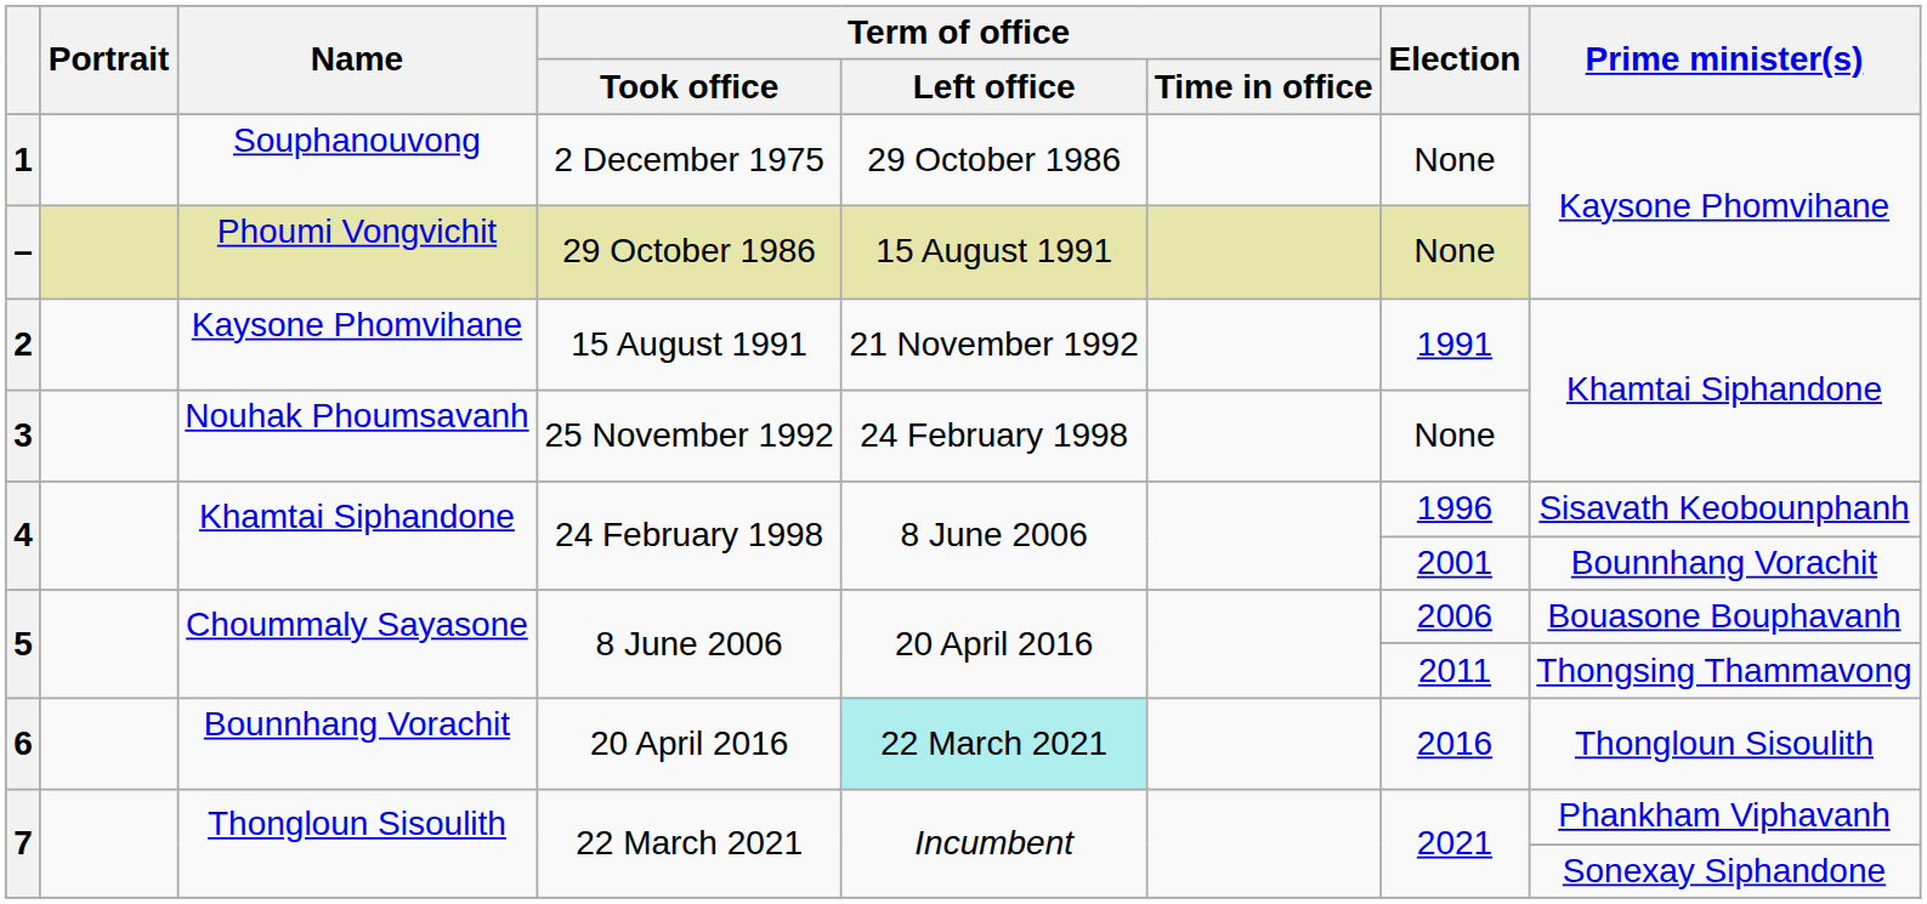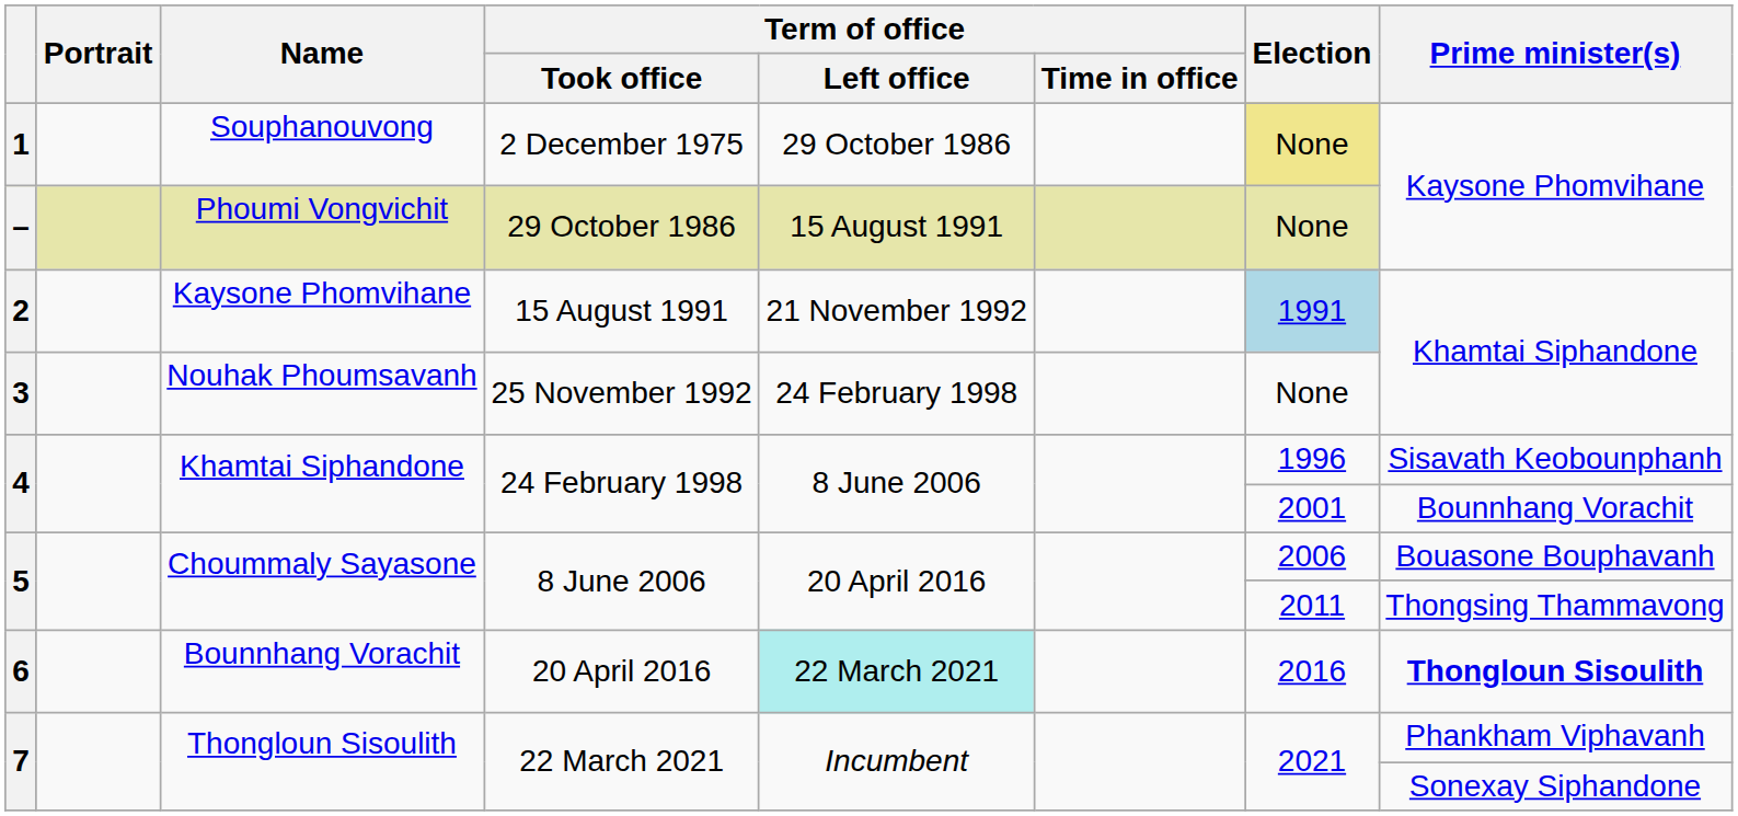 <table class="wikitable" style="text-align:center">
 <tr>
 <th rowspan=2></th>
 <th rowspan=2>Portrait</th>
 <th rowspan=2>Name<br></th>
 <th colspan=3>Term of office</th>
 <th rowspan=2>Election</th>
 <th rowspan=2><a href='#'>Prime minister(s)</a></th>
 </tr>
 <tr>
 <th>Took office</th>
 <th>Left office</th>
 <th>Time in office</th>
 </tr>
 <tr>
 <th>1</th>
 <td></td>
 <td><a href='#'>Souphanouvong</a><br><br></td>
 <td>2 December 1975</td>
 <td>29 October 1986</td>
 <td></td>
-<td>None</td>
+<td style="background: khaki;">None</td>
 <td rowspan="2"><a href='#'>Kaysone Phomvihane</a></td>
 </tr>
 <tr style="background:#e6e6aa;">
 <th>–</th>
 <td></td>
 <td><a href='#'>Phoumi Vongvichit</a><br><br></td>
 <td>29 October 1986</td>
 <td>15 August 1991</td>
 <td></td>
 <td>None</td>
 </tr>
 <tr>
 <th>2</th>
 <td></td>
 <td><a href='#'>Kaysone Phomvihane</a><br><br></td>
 <td>15 August 1991</td>
 <td>21 November 1992</td>
 <td></td>
-<td><a href='#'>1991</a></td>
+<td style="background: lightblue;"><a href='#'>1991</a></td>
 <td rowspan="2"><a href='#'>Khamtai Siphandone</a></td>
 </tr>
 <tr>
 <th>3</th>
 <td></td>
 <td><a href='#'>Nouhak Phoumsavanh</a><br><br></td>
 <td>25 November 1992</td>
 <td>24 February 1998</td>
 <td></td>
 <td>None</td>
 </tr>
 <tr>
 <th rowspan="2">4</th>
 <td rowspan="2"></td>
 <td rowspan="2"><a href='#'>Khamtai Siphandone</a><br><br></td>
 <td rowspan="2">24 February 1998</td>
 <td rowspan="2">8 June 2006</td>
 <td rowspan="2"></td>
 <td><a href='#'>1996</a></td>
 <td><a href='#'>Sisavath Keobounphanh</a></td>
 </tr>
 <tr>
 <td><a href='#'>2001</a></td>
 <td><a href='#'>Bounnhang Vorachit</a></td>
 </tr>
 <tr>
 <th rowspan="2">5</th>
 <td rowspan="2"></td>
 <td rowspan="2"><a href='#'>Choummaly Sayasone</a><br><br></td>
 <td rowspan="2">8 June 2006</td>
 <td rowspan="2">20 April 2016</td>
 <td rowspan="2"></td>
 <td><a href='#'>2006</a></td>
 <td><a href='#'>Bouasone Bouphavanh</a></td>
 </tr>
 <tr>
 <td><a href='#'>2011</a></td>
 <td><a href='#'>Thongsing Thammavong</a></td>
 </tr>
 <tr>
 <th>6</th>
 <td></td>
 <td><a href='#'>Bounnhang Vorachit</a><br><br></td>
 <td>20 April 2016</td>
 <td style="background: paleturquoise;">22 March 2021</td>
 <td></td>
 <td><a href='#'>2016</a></td>
-<td><a href='#'>Thongloun Sisoulith</a></td>
+<td><strong><a href='#'>Thongloun Sisoulith</a></strong></td>
 </tr>
 <tr>
 <th rowspan="2">7</th>
 <td rowspan="2"></td>
 <td rowspan="2"><a href='#'>Thongloun Sisoulith</a><br><br></td>
 <td rowspan="2">22 March 2021</td>
 <td rowspan="2"><em>Incumbent</em></td>
 <td rowspan="2"></td>
 <td rowspan="2"><a href='#'>2021</a></td>
 <td><a href='#'>Phankham Viphavanh</a></td>
 </tr>
 <tr>
 <td><a href='#'>Sonexay Siphandone</a></td>
 </tr>
 </table>
